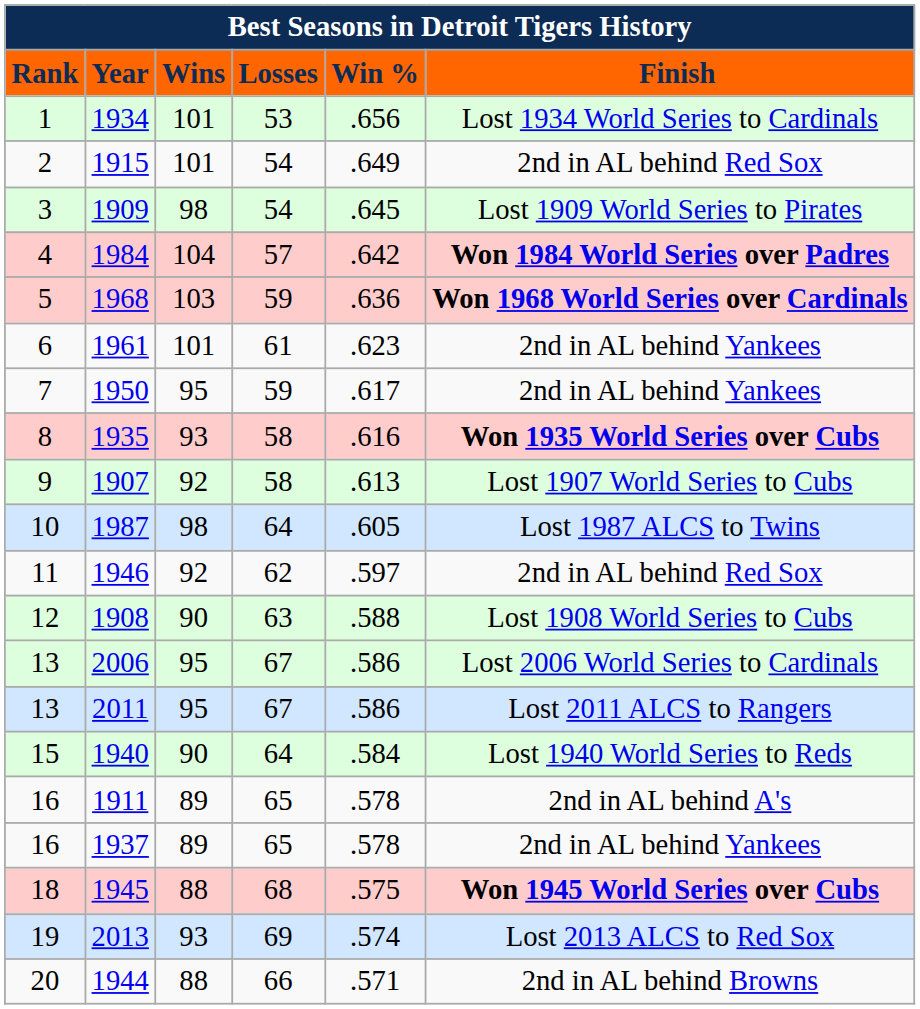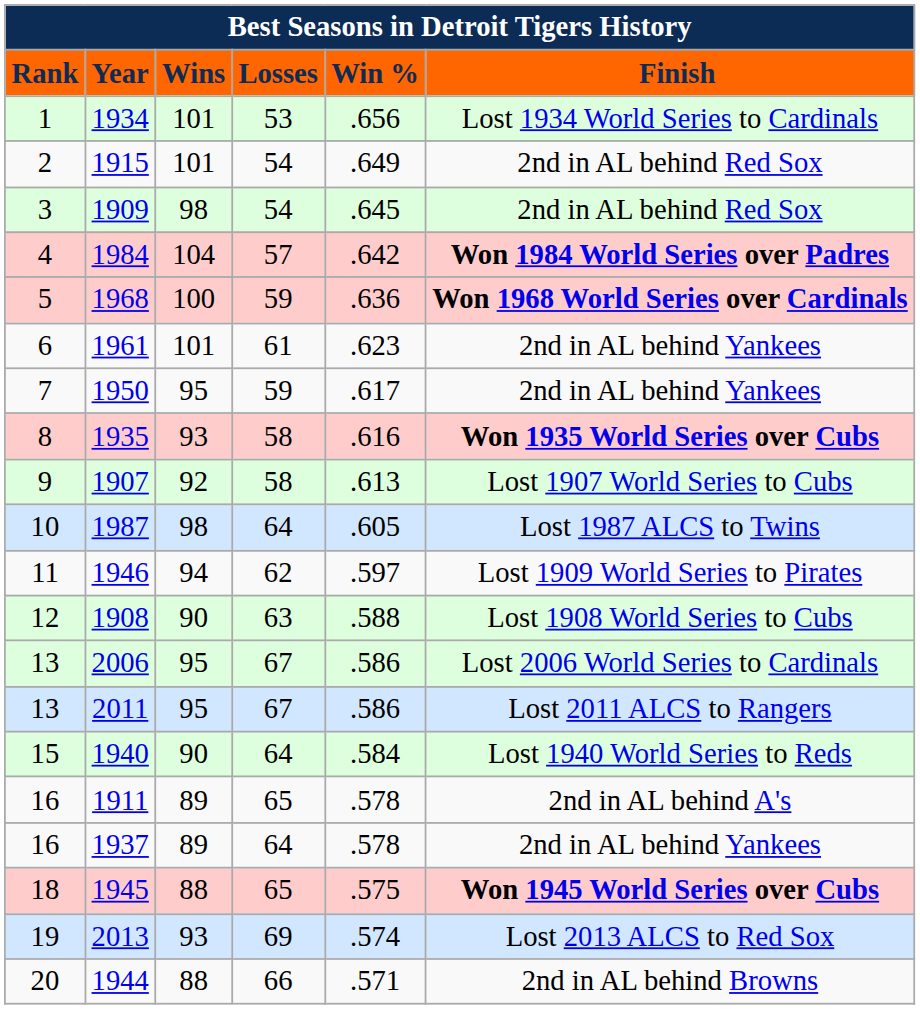 <table class="wikitable" style="text-align:center">
 <tr>
 <th colspan=7 style="background:#0C2C56;color:#FFFFFF"><strong>Best Seasons in Detroit Tigers History</strong></th>
 </tr>
 <tr>
 <th style="background:#FF6600;color:#0C2C56">Rank</th>
 <th style="background:#FF6600;color:#0C2C56">Year</th>
 <th style="background:#FF6600;color:#0C2C56">Wins</th>
 <th style="background:#FF6600;color:#0C2C56">Losses</th>
 <th style="background:#FF6600;color:#0C2C56">Win %</th>
 <th style="background:#FF6600;color:#0C2C56">  Finish</th>
 </tr>
 <tr bgcolor="#ddffdd">
 <td>1</td>
 <td><a href='#'>1934</a></td>
 <td>101</td>
 <td>53</td>
 <td>.656</td>
 <td>Lost <a href='#'>1934 World Series</a> to <a href='#'>Cardinals</a></td>
 </tr>
 <tr>
 <td>2</td>
 <td><a href='#'>1915</a></td>
 <td>101</td>
 <td>54</td>
 <td>.649</td>
 <td>2nd in AL behind <a href='#'>Red Sox</a></td>
 </tr>
 <tr bgcolor="#ddffdd">
 <td>3</td>
 <td><a href='#'>1909</a></td>
 <td>98</td>
 <td>54</td>
 <td>.645</td>
-<td>Lost <a href='#'>1909 World Series</a> to <a href='#'>Pirates</a></td>
+<td>2nd in AL behind <a href='#'>Red Sox</a></td>
 </tr>
 <tr bgcolor="#ffcccc">
 <td>4</td>
 <td><a href='#'>1984</a></td>
 <td>104</td>
 <td>57</td>
 <td>.642</td>
 <td><strong>Won <a href='#'>1984 World Series</a> over <a href='#'>Padres</a></strong></td>
 </tr>
 <tr bgcolor="#ffcccc">
 <td>5</td>
 <td><a href='#'>1968</a></td>
-<td>103</td>
+<td>100</td>
 <td>59</td>
 <td>.636</td>
 <td><strong>Won <a href='#'>1968 World Series</a> over <a href='#'>Cardinals</a></strong></td>
 </tr>
 <tr>
 <td>6</td>
 <td><a href='#'>1961</a></td>
 <td>101</td>
 <td>61</td>
 <td>.623</td>
 <td>2nd in AL behind <a href='#'>Yankees</a></td>
 </tr>
 <tr>
 <td>7</td>
 <td><a href='#'>1950</a></td>
 <td>95</td>
 <td>59</td>
 <td>.617</td>
 <td>2nd in AL behind <a href='#'>Yankees</a></td>
 </tr>
 <tr bgcolor="#ffcccc">
 <td>8</td>
 <td><a href='#'>1935</a></td>
 <td>93</td>
 <td>58</td>
 <td>.616</td>
 <td><strong>Won <a href='#'>1935 World Series</a> over <a href='#'>Cubs</a></strong></td>
 </tr>
 <tr bgcolor="#ddffdd">
 <td>9</td>
 <td><a href='#'>1907</a></td>
 <td>92</td>
 <td>58</td>
 <td>.613</td>
 <td>Lost <a href='#'>1907 World Series</a> to <a href='#'>Cubs</a></td>
 </tr>
 <tr bgcolor="#D0E7FF">
 <td>10</td>
 <td><a href='#'>1987</a></td>
 <td>98</td>
 <td>64</td>
 <td>.605</td>
 <td>Lost <a href='#'>1987 ALCS</a> to <a href='#'>Twins</a></td>
 </tr>
 <tr>
 <td>11</td>
 <td><a href='#'>1946</a></td>
-<td>92</td>
+<td>94</td>
 <td>62</td>
 <td>.597</td>
-<td>2nd in AL behind <a href='#'>Red Sox</a></td>
+<td>Lost <a href='#'>1909 World Series</a> to <a href='#'>Pirates</a></td>
 </tr>
 <tr bgcolor="#ddffdd">
 <td>12</td>
 <td><a href='#'>1908</a></td>
 <td>90</td>
 <td>63</td>
 <td>.588</td>
 <td>Lost <a href='#'>1908 World Series</a> to <a href='#'>Cubs</a></td>
 </tr>
 <tr bgcolor="#ddffdd">
 <td>13</td>
 <td><a href='#'>2006</a></td>
 <td>95</td>
 <td>67</td>
 <td>.586</td>
 <td>Lost <a href='#'>2006 World Series</a> to <a href='#'>Cardinals</a></td>
 </tr>
 <tr bgcolor="#D0E7FF">
 <td>13</td>
 <td><a href='#'>2011</a></td>
 <td>95</td>
 <td>67</td>
 <td>.586</td>
 <td>Lost <a href='#'>2011 ALCS</a> to <a href='#'>Rangers</a></td>
 </tr>
 <tr bgcolor="#ddffdd">
 <td>15</td>
 <td><a href='#'>1940</a></td>
 <td>90</td>
 <td>64</td>
 <td>.584</td>
 <td>Lost <a href='#'>1940 World Series</a> to <a href='#'>Reds</a></td>
 </tr>
 <tr>
 <td>16</td>
 <td><a href='#'>1911</a></td>
 <td>89</td>
 <td>65</td>
 <td>.578</td>
 <td>2nd in AL behind <a href='#'>A's</a></td>
 </tr>
 <tr>
 <td>16</td>
 <td><a href='#'>1937</a></td>
 <td>89</td>
-<td>65</td>
+<td>64</td>
 <td>.578</td>
 <td>2nd in AL behind <a href='#'>Yankees</a></td>
 </tr>
 <tr bgcolor="#ffcccc">
 <td>18</td>
 <td><a href='#'>1945</a></td>
 <td>88</td>
-<td>68</td>
+<td>65</td>
 <td>.575</td>
 <td><strong>Won <a href='#'>1945 World Series</a> over <a href='#'>Cubs</a></strong></td>
 </tr>
 <tr bgcolor="#D0E7FF">
 <td>19</td>
 <td><a href='#'>2013</a></td>
 <td>93</td>
 <td>69</td>
 <td>.574</td>
 <td>Lost <a href='#'>2013 ALCS</a> to <a href='#'>Red Sox</a></td>
 </tr>
 <tr>
 <td>20</td>
 <td><a href='#'>1944</a></td>
 <td>88</td>
 <td>66</td>
 <td>.571</td>
 <td>2nd in AL behind <a href='#'>Browns</a></td>
 </tr>
 </table>
